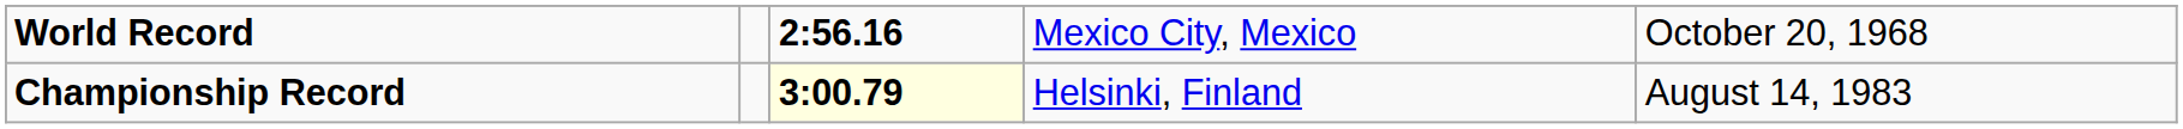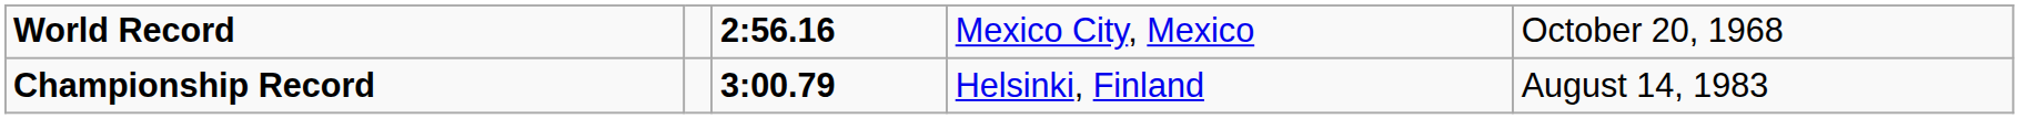 <table class="wikitable" width=75%>
 <tr>
 <td><strong>World Record</strong></td>
 <td></td>
 <td><strong>2:56.16</strong></td>
 <td><a href='#'>Mexico City</a>, <a href='#'>Mexico</a></td>
 <td>October 20, 1968</td>
 </tr>
 <tr>
 <td><strong>Championship Record</strong></td>
 <td></td>
-<td style="background: lightyellow;"><strong>3:00.79</strong></td>
+<td><strong>3:00.79</strong></td>
 <td><a href='#'>Helsinki</a>, <a href='#'>Finland</a></td>
 <td>August 14, 1983</td>
 </tr>
 </table>
